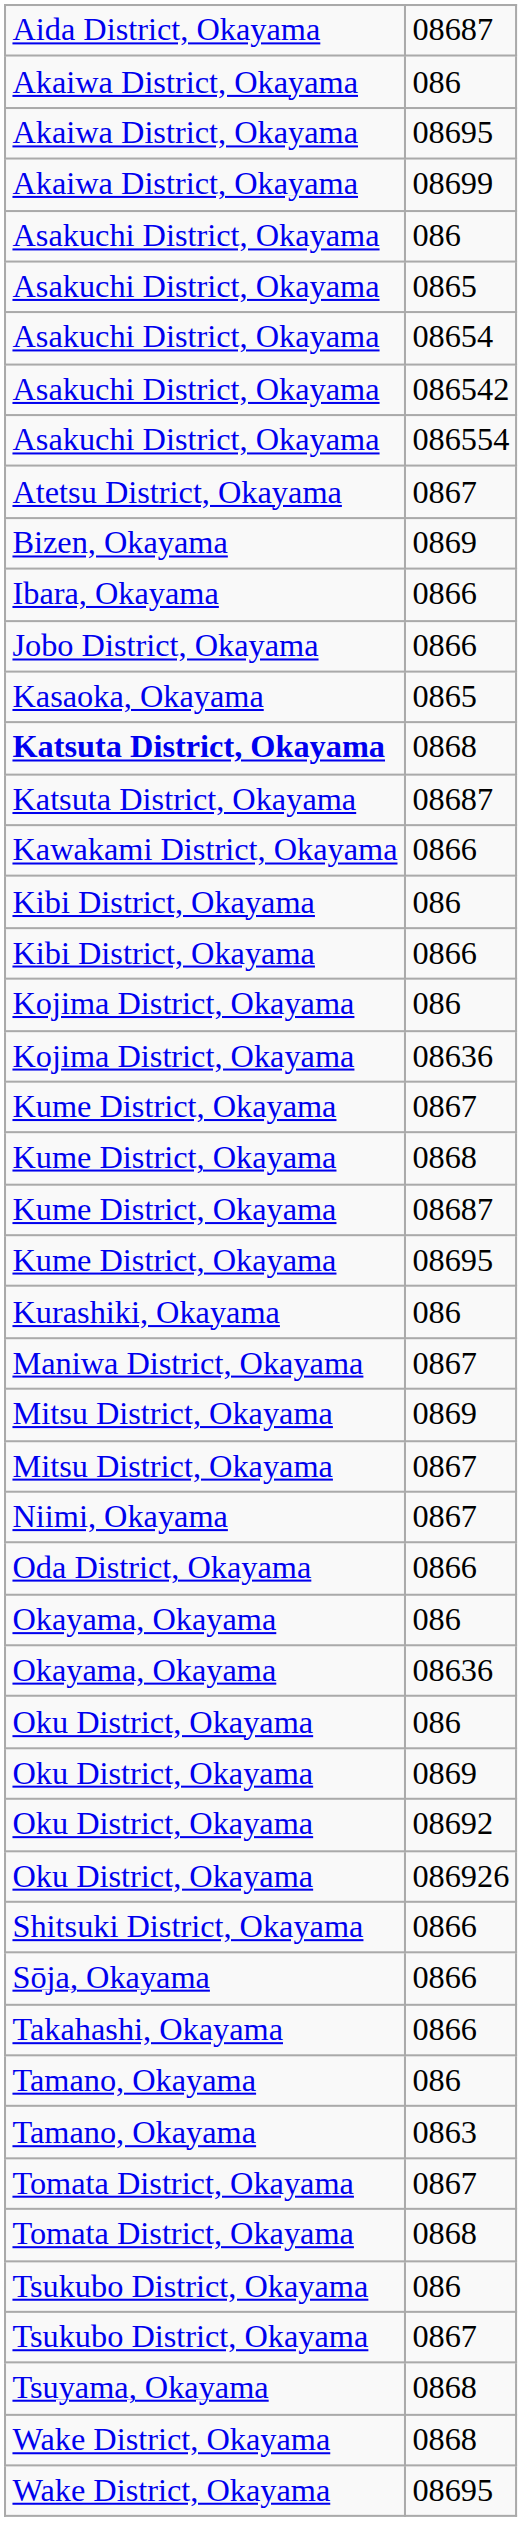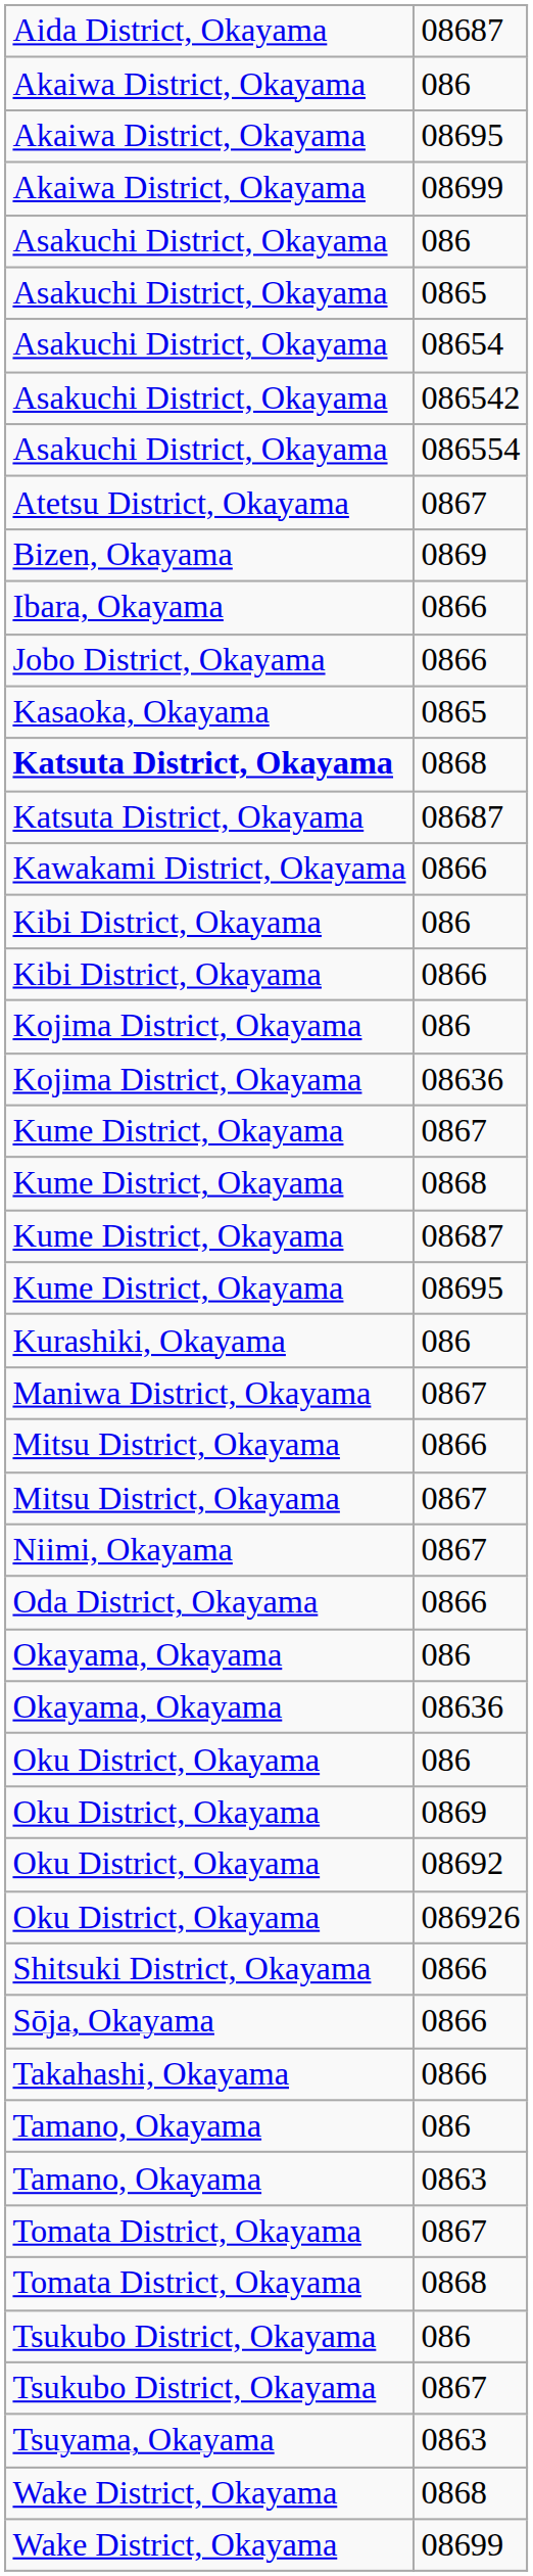 <table class="wikitable">
 <tr>
 <td><a href='#'>Aida District, Okayama</a></td>
 <td>08687</td>
 </tr>
 <tr>
 <td><a href='#'>Akaiwa District, Okayama</a></td>
 <td>086</td>
 </tr>
 <tr>
 <td><a href='#'>Akaiwa District, Okayama</a></td>
 <td>08695</td>
 </tr>
 <tr>
 <td><a href='#'>Akaiwa District, Okayama</a></td>
 <td>08699</td>
 </tr>
 <tr>
 <td><a href='#'>Asakuchi District, Okayama</a></td>
 <td>086</td>
 </tr>
 <tr>
 <td><a href='#'>Asakuchi District, Okayama</a></td>
 <td>0865</td>
 </tr>
 <tr>
 <td><a href='#'>Asakuchi District, Okayama</a></td>
 <td>08654</td>
 </tr>
 <tr>
 <td><a href='#'>Asakuchi District, Okayama</a></td>
 <td>086542</td>
 </tr>
 <tr>
 <td><a href='#'>Asakuchi District, Okayama</a></td>
 <td>086554</td>
 </tr>
 <tr>
 <td><a href='#'>Atetsu District, Okayama</a></td>
 <td>0867</td>
 </tr>
 <tr>
 <td><a href='#'>Bizen, Okayama</a></td>
 <td>0869</td>
 </tr>
 <tr>
 <td><a href='#'>Ibara, Okayama</a></td>
 <td>0866</td>
 </tr>
 <tr>
 <td><a href='#'>Jobo District, Okayama</a></td>
 <td>0866</td>
 </tr>
 <tr>
 <td><a href='#'>Kasaoka, Okayama</a></td>
 <td>0865</td>
 </tr>
 <tr>
 <td><strong><a href='#'>Katsuta District, Okayama</a></strong></td>
 <td>0868</td>
 </tr>
 <tr>
 <td><a href='#'>Katsuta District, Okayama</a></td>
 <td>08687</td>
 </tr>
 <tr>
 <td><a href='#'>Kawakami District, Okayama</a></td>
 <td>0866</td>
 </tr>
 <tr>
 <td><a href='#'>Kibi District, Okayama</a></td>
 <td>086</td>
 </tr>
 <tr>
 <td><a href='#'>Kibi District, Okayama</a></td>
 <td>0866</td>
 </tr>
 <tr>
 <td><a href='#'>Kojima District, Okayama</a></td>
 <td>086</td>
 </tr>
 <tr>
 <td><a href='#'>Kojima District, Okayama</a></td>
 <td>08636</td>
 </tr>
 <tr>
 <td><a href='#'>Kume District, Okayama</a></td>
 <td>0867</td>
 </tr>
 <tr>
 <td><a href='#'>Kume District, Okayama</a></td>
 <td>0868</td>
 </tr>
 <tr>
 <td><a href='#'>Kume District, Okayama</a></td>
 <td>08687</td>
 </tr>
 <tr>
 <td><a href='#'>Kume District, Okayama</a></td>
 <td>08695</td>
 </tr>
 <tr>
 <td><a href='#'>Kurashiki, Okayama</a></td>
 <td>086</td>
 </tr>
 <tr>
 <td><a href='#'>Maniwa District, Okayama</a></td>
 <td>0867</td>
 </tr>
 <tr>
 <td><a href='#'>Mitsu District, Okayama</a></td>
-<td>0869</td>
+<td>0866</td>
 </tr>
 <tr>
 <td><a href='#'>Mitsu District, Okayama</a></td>
 <td>0867</td>
 </tr>
 <tr>
 <td><a href='#'>Niimi, Okayama</a></td>
 <td>0867</td>
 </tr>
 <tr>
 <td><a href='#'>Oda District, Okayama</a></td>
 <td>0866</td>
 </tr>
 <tr>
 <td><a href='#'>Okayama, Okayama</a></td>
 <td>086</td>
 </tr>
 <tr>
 <td><a href='#'>Okayama, Okayama</a></td>
 <td>08636</td>
 </tr>
 <tr>
 <td><a href='#'>Oku District, Okayama</a></td>
 <td>086</td>
 </tr>
 <tr>
 <td><a href='#'>Oku District, Okayama</a></td>
 <td>0869</td>
 </tr>
 <tr>
 <td><a href='#'>Oku District, Okayama</a></td>
 <td>08692</td>
 </tr>
 <tr>
 <td><a href='#'>Oku District, Okayama</a></td>
 <td>086926</td>
 </tr>
 <tr>
 <td><a href='#'>Shitsuki District, Okayama</a></td>
 <td>0866</td>
 </tr>
 <tr>
 <td><a href='#'>Sōja, Okayama</a></td>
 <td>0866</td>
 </tr>
 <tr>
 <td><a href='#'>Takahashi, Okayama</a></td>
 <td>0866</td>
 </tr>
 <tr>
 <td><a href='#'>Tamano, Okayama</a></td>
 <td>086</td>
 </tr>
 <tr>
 <td><a href='#'>Tamano, Okayama</a></td>
 <td>0863</td>
 </tr>
 <tr>
 <td><a href='#'>Tomata District, Okayama</a></td>
 <td>0867</td>
 </tr>
 <tr>
 <td><a href='#'>Tomata District, Okayama</a></td>
 <td>0868</td>
 </tr>
 <tr>
 <td><a href='#'>Tsukubo District, Okayama</a></td>
 <td>086</td>
 </tr>
 <tr>
 <td><a href='#'>Tsukubo District, Okayama</a></td>
 <td>0867</td>
 </tr>
 <tr>
 <td><a href='#'>Tsuyama, Okayama</a></td>
-<td>0868</td>
+<td>0863</td>
 </tr>
 <tr>
 <td><a href='#'>Wake District, Okayama</a></td>
 <td>0868</td>
 </tr>
 <tr>
 <td><a href='#'>Wake District, Okayama</a></td>
-<td>08695</td>
+<td>08699</td>
 </tr>
 </table>
